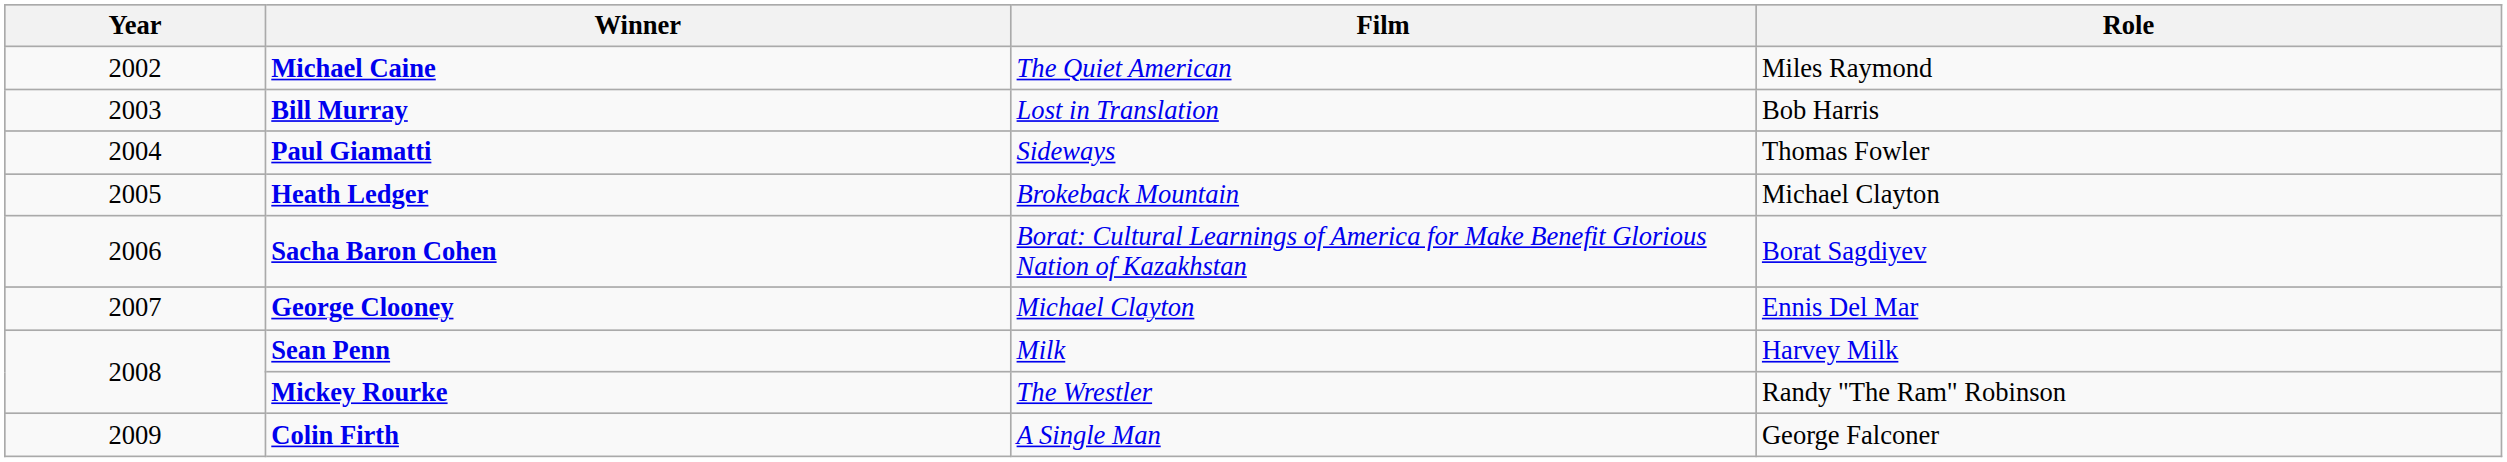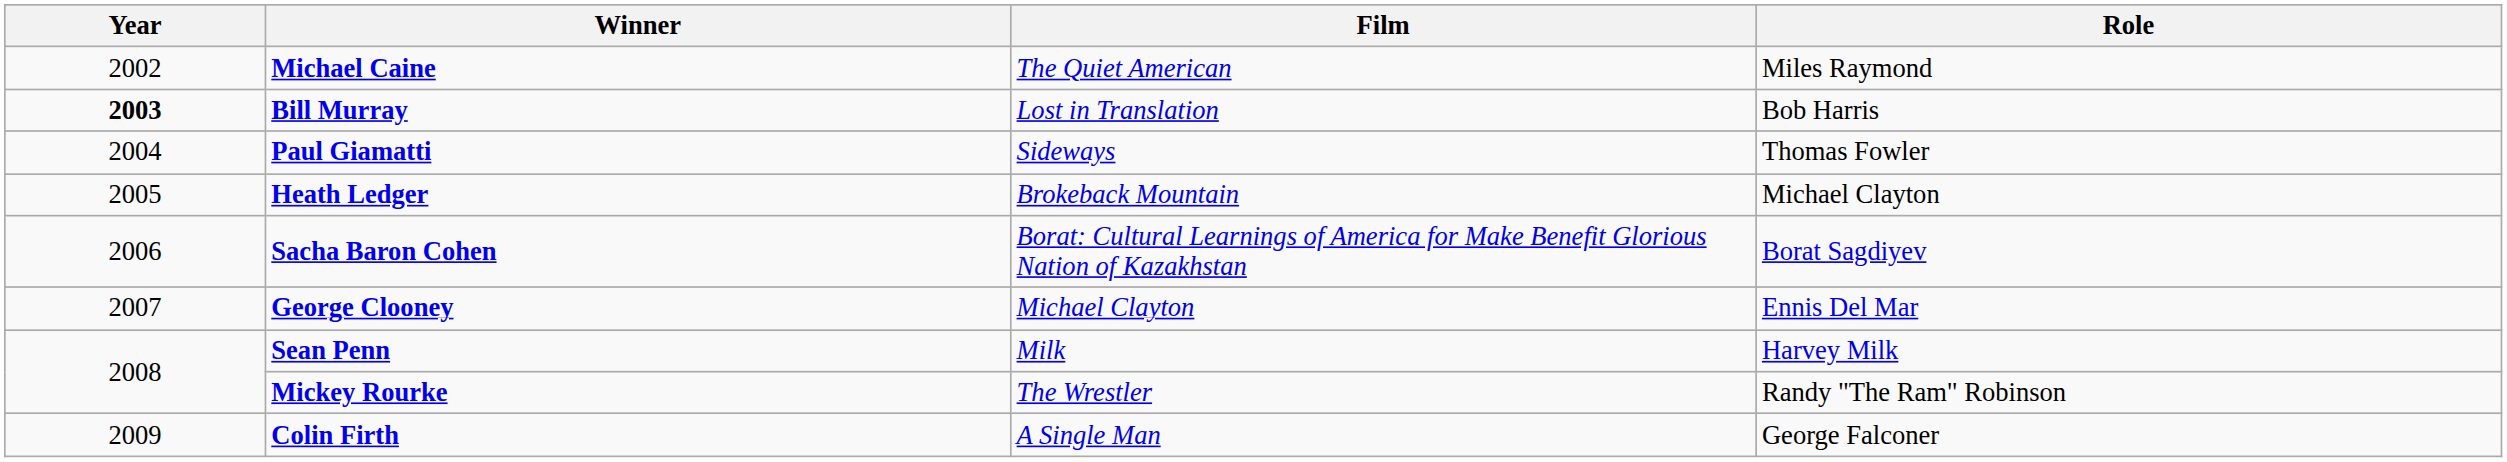 <table class="wikitable" width="95%" cellpadding="5">
 <tr>
 <th width="100"><strong>Year</strong></th>
 <th width="300"><strong>Winner</strong></th>
 <th width="300"><strong>Film</strong></th>
 <th width="300"><strong>Role</strong></th>
 </tr>
 <tr>
 <td style="text-align:center;">2002</td>
 <td><strong><a href='#'>Michael Caine</a></strong></td>
 <td><em><a href='#'>The Quiet American</a></em></td>
 <td>Miles Raymond</td>
 </tr>
 <tr>
-<td style="text-align:center;">2003</td>
+<td style="text-align:center;"><strong>2003</strong></td>
 <td><strong><a href='#'>Bill Murray</a></strong></td>
 <td><em><a href='#'>Lost in Translation</a></em></td>
 <td>Bob Harris</td>
 </tr>
 <tr>
 <td style="text-align:center;">2004</td>
 <td><strong><a href='#'>Paul Giamatti</a></strong></td>
 <td><em><a href='#'>Sideways</a></em></td>
 <td>Thomas Fowler</td>
 </tr>
 <tr>
 <td style="text-align:center;">2005</td>
 <td><strong><a href='#'>Heath Ledger</a></strong></td>
 <td><em><a href='#'>Brokeback Mountain</a></em></td>
 <td>Michael Clayton</td>
 </tr>
 <tr>
 <td style="text-align:center;">2006</td>
 <td><strong><a href='#'>Sacha Baron Cohen</a></strong></td>
 <td><em><a href='#'>Borat: Cultural Learnings of America for Make Benefit Glorious Nation of Kazakhstan</a></em></td>
 <td><a href='#'>Borat Sagdiyev</a></td>
 </tr>
 <tr>
 <td style="text-align:center;">2007</td>
 <td><strong><a href='#'>George Clooney</a></strong></td>
 <td><em><a href='#'>Michael Clayton</a></em></td>
 <td><a href='#'>Ennis Del Mar</a></td>
 </tr>
 <tr>
 <td rowspan="2" style="text-align:center;">2008</td>
 <td><strong><a href='#'>Sean Penn</a></strong></td>
 <td><em><a href='#'>Milk</a></em></td>
 <td><a href='#'>Harvey Milk</a></td>
 </tr>
 <tr>
 <td><strong><a href='#'>Mickey Rourke</a></strong></td>
 <td><em><a href='#'>The Wrestler</a></em></td>
 <td>Randy "The Ram" Robinson</td>
 </tr>
 <tr>
 <td style="text-align:center;">2009</td>
 <td><strong><a href='#'>Colin Firth</a></strong></td>
 <td><em><a href='#'>A Single Man</a></em></td>
 <td>George Falconer</td>
 </tr>
 </table>
